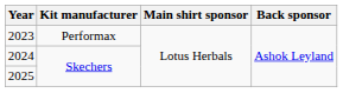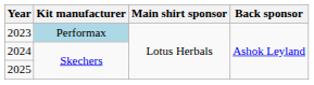 <table class="wikitable" style="text-align: center;">
 <tr>
 <th>Year</th>
 <th>Kit manufacturer</th>
 <th>Main shirt sponsor</th>
 <th>Back sponsor</th>
 </tr>
 <tr>
 <td>2023</td>
-<td>Performax</td>
+<td style="background: lightblue;">Performax</td>
 <td rowspan="3">Lotus Herbals</td>
 <td rowspan="3"><a href='#'>Ashok Leyland</a></td>
 </tr>
 <tr>
 <td>2024</td>
 <td rowspan="2"><a href='#'>Skechers</a></td>
 </tr>
 <tr>
 <td>2025</td>
 </tr>
 </table>
